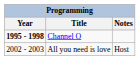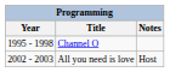 <table class="wikitable plainrowheaders sortable" style="margin-right: 0; font-size: 80%;">
 <tr bgcolor="#CCCCCC" align="center">
 <th colspan="3" style="background: LightSteelBlue;">Programming</th>
 </tr>
 <tr bgcolor="#CCCCCC" align="center">
 <th>Year</th>
 <th>Title</th>
 <th>Notes</th>
 </tr>
 <tr>
-<td><strong>1995 - 1998</strong></td>
+<td>1995 - 1998</td>
 <td><a href='#'>Channel O</a></td>
 <td></td>
 </tr>
 <tr>
 <td>2002 - 2003</td>
 <td>All you need is love</td>
 <td>Host</td>
 </tr>
 </table>
